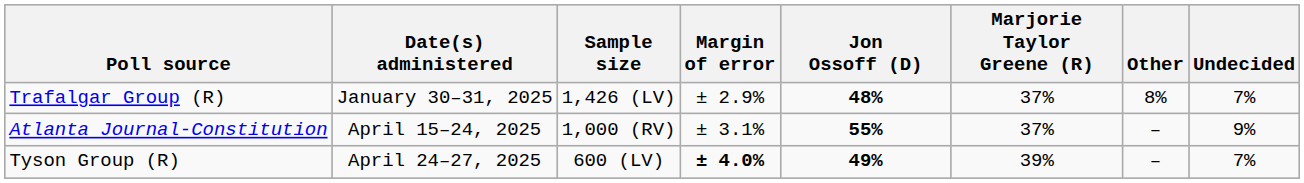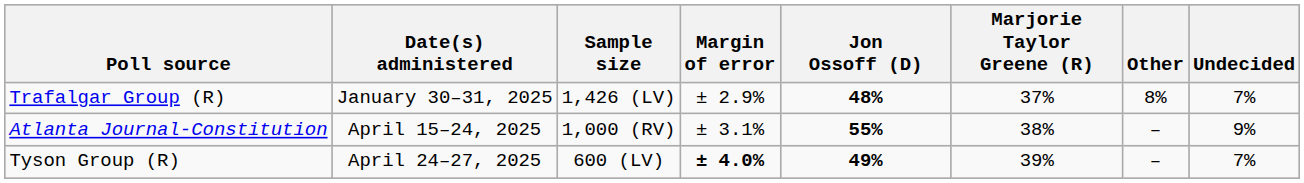 <table class="wikitable" style="font-size:90%;text-align:center;">
 <tr valign=bottom>
 <th>Poll source</th>
 <th>Date(s)<br>administered</th>
 <th>Sample<br>size</th>
 <th>Margin<br>of error</th>
 <th style="width:100px;">Jon<br>Ossoff (D)</th>
 <th style="width:100px;">Marjorie Taylor<br>Greene (R)</th>
 <th>Other</th>
 <th>Undecided</th>
 </tr>
 <tr>
 <td style="text-align:left;"><a href='#'>Trafalgar Group</a> (R)</td>
 <td>January 30–31, 2025</td>
 <td>1,426 (LV)</td>
 <td>± 2.9%</td>
 <td style="background-color:"><strong>48%</strong></td>
 <td>37%</td>
 <td>8%</td>
 <td>7%</td>
 </tr>
 <tr>
 <td style="text-align:left;"><em><a href='#'>Atlanta Journal-Constitution</a></em></td>
 <td>April 15–24, 2025</td>
 <td>1,000 (RV)</td>
 <td>± 3.1%</td>
 <td style="background-color:"><strong>55%</strong></td>
-<td>37%</td>
+<td>38%</td>
 <td>–</td>
 <td>9%</td>
 </tr>
 <tr>
 <td style="text-align:left;">Tyson Group (R)</td>
 <td>April 24–27, 2025</td>
 <td>600 (LV)</td>
 <td><strong>± 4.0%</strong></td>
 <td style="background-color:"><strong>49%</strong></td>
 <td>39%</td>
 <td>–</td>
 <td>7%</td>
 </tr>
 </table>
